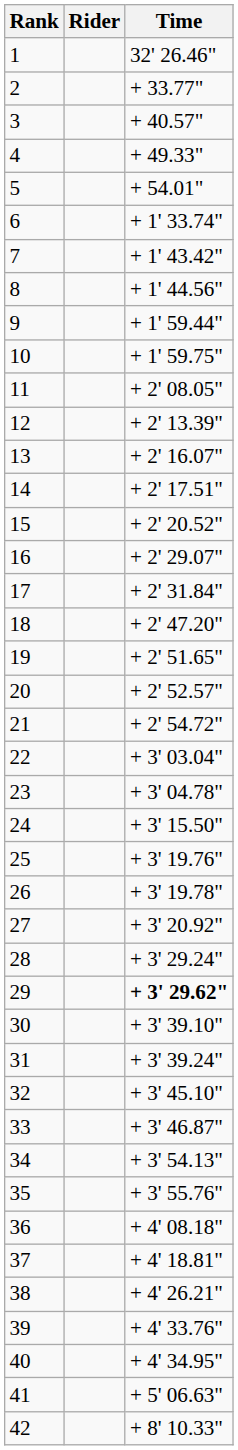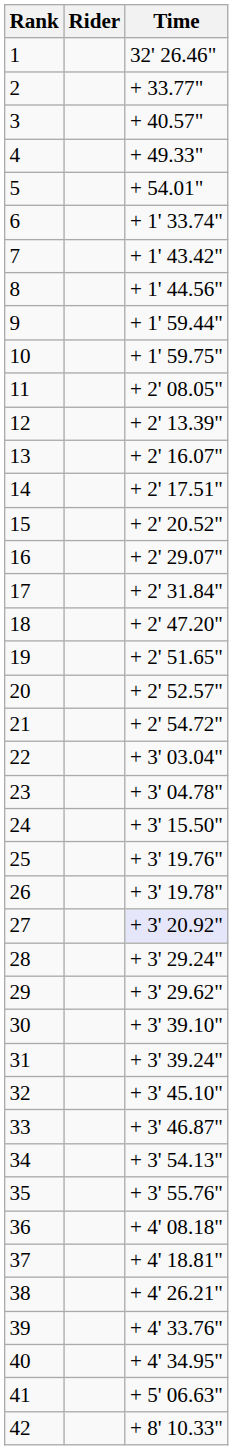 <table class="wikitable">
 <tr>
 <th>Rank</th>
 <th>Rider</th>
 <th>Time</th>
 </tr>
 <tr>
 <td>1</td>
 <td></td>
 <td>32' 26.46"</td>
 </tr>
 <tr>
 <td>2</td>
 <td></td>
 <td>+ 33.77"</td>
 </tr>
 <tr>
 <td>3</td>
 <td></td>
 <td>+ 40.57"</td>
 </tr>
 <tr>
 <td>4</td>
 <td></td>
 <td>+ 49.33"</td>
 </tr>
 <tr>
 <td>5</td>
 <td></td>
 <td>+ 54.01"</td>
 </tr>
 <tr>
 <td>6</td>
 <td></td>
 <td>+ 1' 33.74"</td>
 </tr>
 <tr>
 <td>7</td>
 <td></td>
 <td>+ 1' 43.42"</td>
 </tr>
 <tr>
 <td>8</td>
 <td></td>
 <td>+ 1' 44.56"</td>
 </tr>
 <tr>
 <td>9</td>
 <td></td>
 <td>+ 1' 59.44"</td>
 </tr>
 <tr>
 <td>10</td>
 <td></td>
 <td>+ 1' 59.75"</td>
 </tr>
 <tr>
 <td>11</td>
 <td></td>
 <td>+ 2' 08.05"</td>
 </tr>
 <tr>
 <td>12</td>
 <td></td>
 <td>+ 2' 13.39"</td>
 </tr>
 <tr>
 <td>13</td>
 <td></td>
 <td>+ 2' 16.07"</td>
 </tr>
 <tr>
 <td>14</td>
 <td></td>
 <td>+ 2' 17.51"</td>
 </tr>
 <tr>
 <td>15</td>
 <td></td>
 <td>+ 2' 20.52"</td>
 </tr>
 <tr>
 <td>16</td>
 <td></td>
 <td>+ 2' 29.07"</td>
 </tr>
 <tr>
 <td>17</td>
 <td></td>
 <td>+ 2' 31.84"</td>
 </tr>
 <tr>
 <td>18</td>
 <td></td>
 <td>+ 2' 47.20"</td>
 </tr>
 <tr>
 <td>19</td>
 <td></td>
 <td>+ 2' 51.65"</td>
 </tr>
 <tr>
 <td>20</td>
 <td></td>
 <td>+ 2' 52.57"</td>
 </tr>
 <tr>
 <td>21</td>
 <td></td>
 <td>+ 2' 54.72"</td>
 </tr>
 <tr>
 <td>22</td>
 <td></td>
 <td>+ 3' 03.04"</td>
 </tr>
 <tr>
 <td>23</td>
 <td></td>
 <td>+ 3' 04.78"</td>
 </tr>
 <tr>
 <td>24</td>
 <td></td>
 <td>+ 3' 15.50"</td>
 </tr>
 <tr>
 <td>25</td>
 <td></td>
 <td>+ 3' 19.76"</td>
 </tr>
 <tr>
 <td>26</td>
 <td></td>
 <td>+ 3' 19.78"</td>
 </tr>
 <tr>
 <td>27</td>
 <td></td>
-<td>+ 3' 20.92"</td>
+<td style="background: lavender;">+ 3' 20.92"</td>
 </tr>
 <tr>
 <td>28</td>
 <td></td>
 <td>+ 3' 29.24"</td>
 </tr>
 <tr>
 <td>29</td>
 <td></td>
-<td><strong>+ 3' 29.62"</strong></td>
+<td>+ 3' 29.62"</td>
 </tr>
 <tr>
 <td>30</td>
 <td></td>
 <td>+ 3' 39.10"</td>
 </tr>
 <tr>
 <td>31</td>
 <td></td>
 <td>+ 3' 39.24"</td>
 </tr>
 <tr>
 <td>32</td>
 <td></td>
 <td>+ 3' 45.10"</td>
 </tr>
 <tr>
 <td>33</td>
 <td></td>
 <td>+ 3' 46.87"</td>
 </tr>
 <tr>
 <td>34</td>
 <td></td>
 <td>+ 3' 54.13"</td>
 </tr>
 <tr>
 <td>35</td>
 <td></td>
 <td>+ 3' 55.76"</td>
 </tr>
 <tr>
 <td>36</td>
 <td></td>
 <td>+ 4' 08.18"</td>
 </tr>
 <tr>
 <td>37</td>
 <td></td>
 <td>+ 4' 18.81"</td>
 </tr>
 <tr>
 <td>38</td>
 <td></td>
 <td>+ 4' 26.21"</td>
 </tr>
 <tr>
 <td>39</td>
 <td></td>
 <td>+ 4' 33.76"</td>
 </tr>
 <tr>
 <td>40</td>
 <td></td>
 <td>+ 4' 34.95"</td>
 </tr>
 <tr>
 <td>41</td>
 <td></td>
 <td>+ 5' 06.63"</td>
 </tr>
 <tr>
 <td>42</td>
 <td></td>
 <td>+ 8' 10.33"</td>
 </tr>
 </table>
